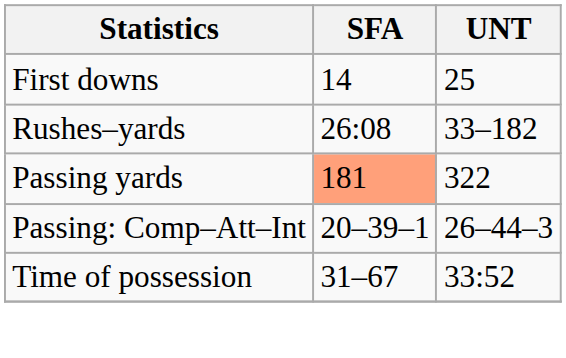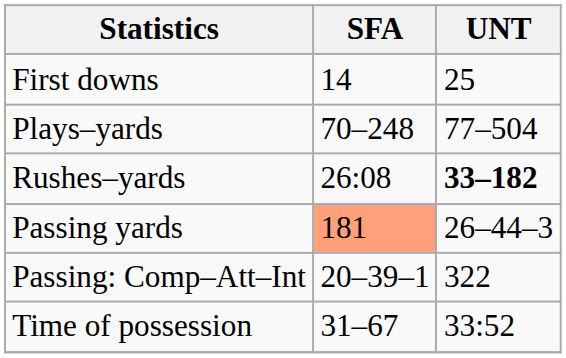 <table class="wikitable" style="float: left;">
 <tr>
 <th>Statistics</th>
 <th>SFA</th>
 <th>UNT</th>
 </tr>
 <tr>
 <td>First downs</td>
 <td>14</td>
 <td>25</td>
 </tr>
 <tr>
+<td>Plays–yards</td>
+<td>70–248</td>
+<td>77–504</td>
+</tr>
+<tr>
 <td>Rushes–yards</td>
 <td>26:08</td>
-<td>33–182</td>
+<td><strong>33–182</strong></td>
 </tr>
 <tr>
 <td>Passing yards</td>
 <td style="background: lightsalmon;">181</td>
-<td>322</td>
+<td>26–44–3</td>
 </tr>
 <tr>
 <td>Passing: Comp–Att–Int</td>
 <td>20–39–1</td>
-<td>26–44–3</td>
+<td>322</td>
 </tr>
 <tr>
 <td>Time of possession</td>
 <td>31–67</td>
 <td>33:52</td>
 </tr>
 <tr>
 </tr>
 </table>
